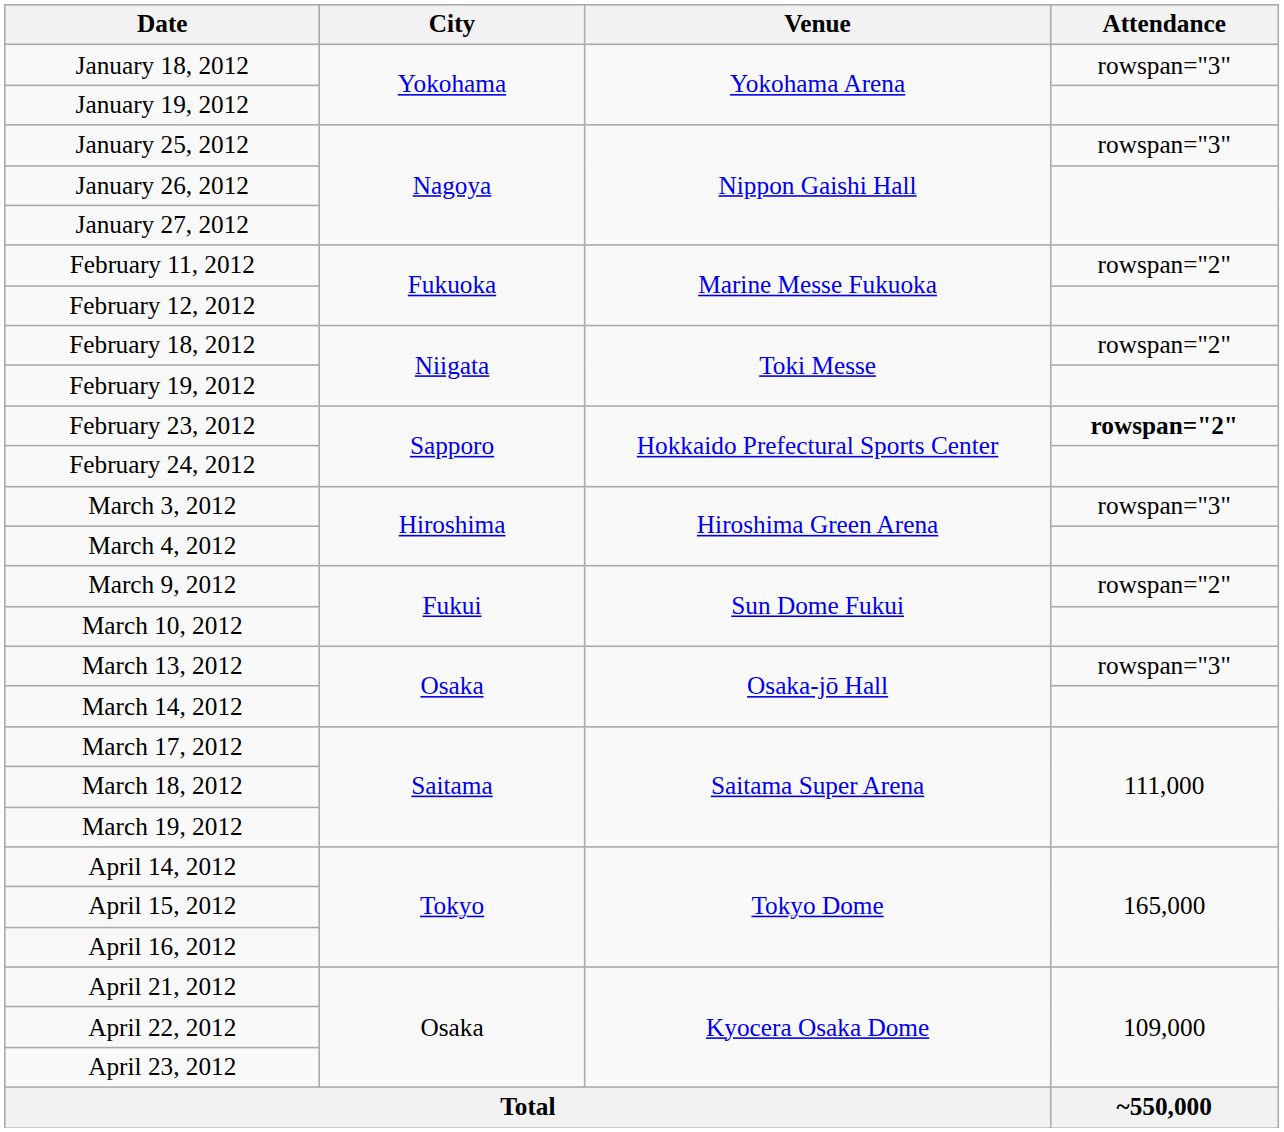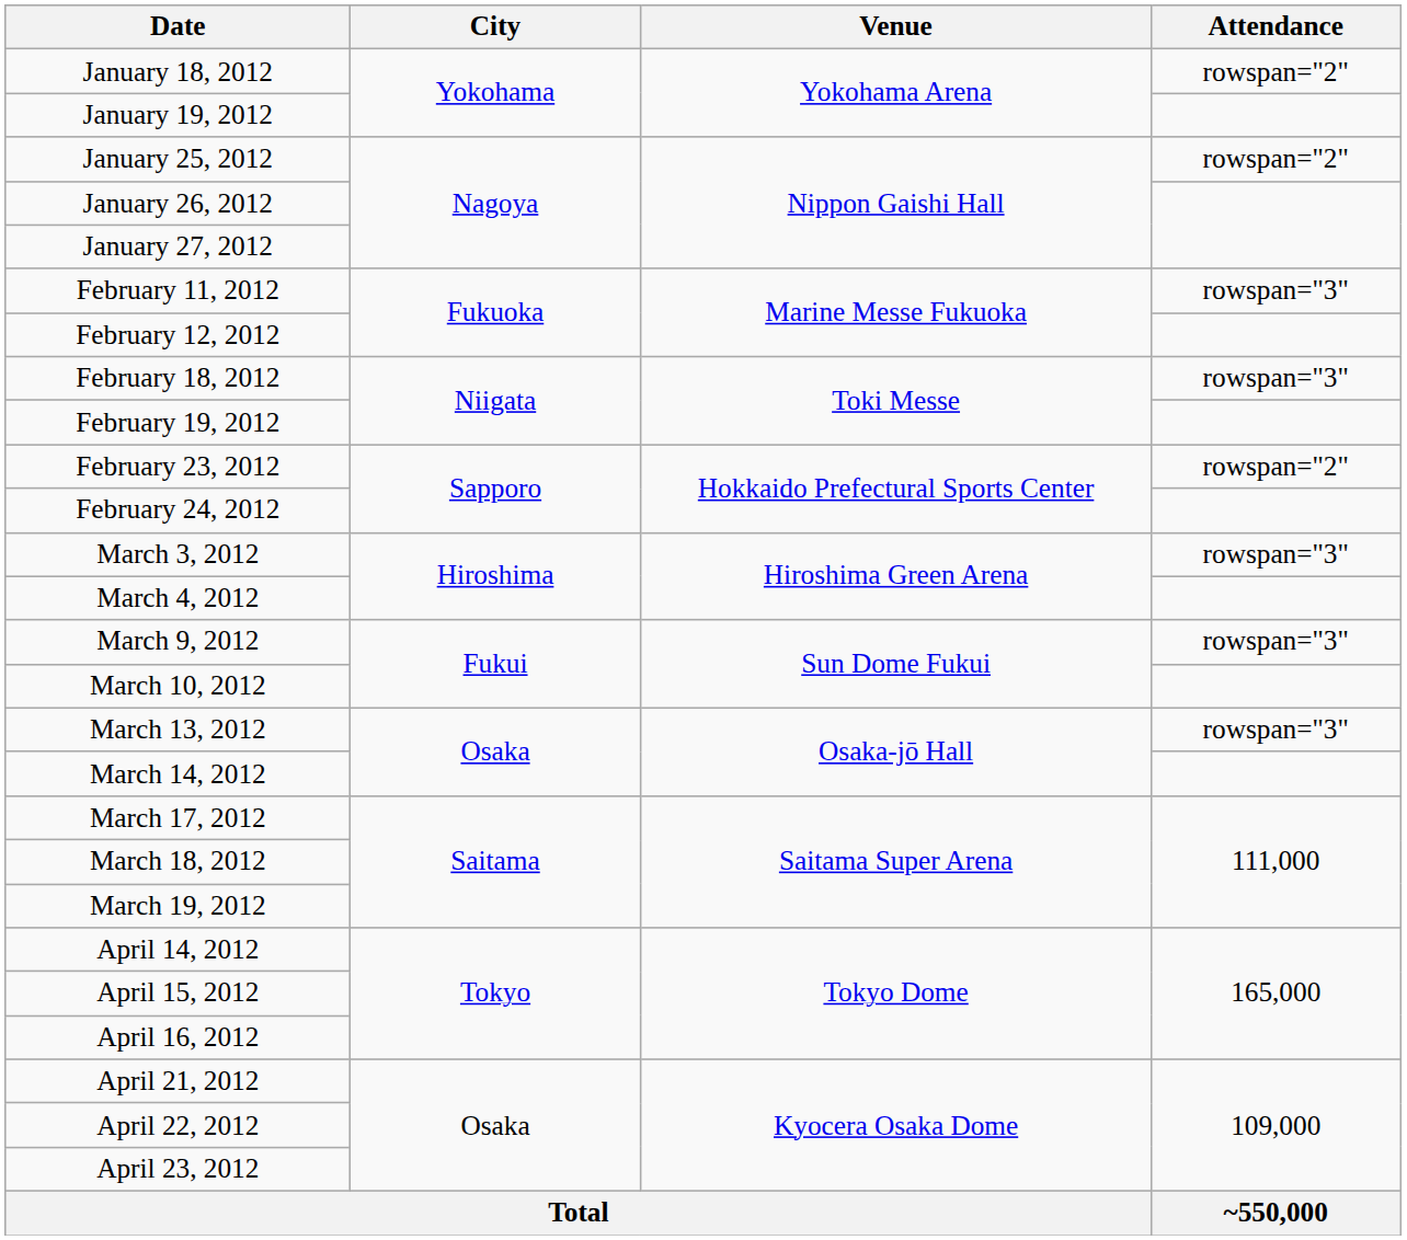 <table class="wikitable" style="text-align:center;">
 <tr>
 <th scope="col" style="width:12em;">Date</th>
 <th scope="col" style="width:10em;">City</th>
 <th scope="col" style="width:18em;">Venue</th>
 <th scope="col" style="width:8.5em;">Attendance</th>
 </tr>
 <tr>
 <td>January 18, 2012</td>
 <td rowspan="2"><a href='#'>Yokohama</a></td>
 <td rowspan="2"><a href='#'>Yokohama Arena</a></td>
-<td>rowspan="3" </td>
+<td>rowspan="2" </td>
 </tr>
 <tr>
 <td>January 19, 2012</td>
 </tr>
 <tr>
 <td>January 25, 2012</td>
 <td rowspan="3"><a href='#'>Nagoya</a></td>
 <td rowspan="3"><a href='#'>Nippon Gaishi Hall</a></td>
-<td>rowspan="3" </td>
+<td>rowspan="2" </td>
 </tr>
 <tr>
 <td>January 26, 2012</td>
 </tr>
 <tr>
 <td>January 27, 2012</td>
 </tr>
 <tr>
 <td>February 11, 2012</td>
 <td rowspan="2"><a href='#'>Fukuoka</a></td>
 <td rowspan="2"><a href='#'>Marine Messe Fukuoka</a></td>
-<td>rowspan="2" </td>
+<td>rowspan="3" </td>
 </tr>
 <tr>
 <td>February 12, 2012</td>
 </tr>
 <tr>
 <td>February 18, 2012</td>
 <td rowspan="2"><a href='#'>Niigata</a></td>
 <td rowspan="2"><a href='#'>Toki Messe</a></td>
-<td>rowspan="2" </td>
+<td>rowspan="3" </td>
 </tr>
 <tr>
 <td>February 19, 2012</td>
 </tr>
 <tr>
 <td>February 23, 2012</td>
 <td rowspan="2"><a href='#'>Sapporo</a></td>
 <td rowspan="2"><a href='#'>Hokkaido Prefectural Sports Center</a></td>
-<td><strong>rowspan="2" </strong></td>
+<td>rowspan="2" </td>
 </tr>
 <tr>
 <td>February 24, 2012</td>
 </tr>
 <tr>
 <td>March 3, 2012</td>
 <td rowspan="2"><a href='#'>Hiroshima</a></td>
 <td rowspan="2"><a href='#'>Hiroshima Green Arena</a></td>
 <td>rowspan="3" </td>
 </tr>
 <tr>
 <td>March 4, 2012</td>
 </tr>
 <tr>
 <td>March 9, 2012</td>
 <td rowspan="2"><a href='#'>Fukui</a></td>
 <td rowspan="2"><a href='#'>Sun Dome Fukui</a></td>
-<td>rowspan="2" </td>
+<td>rowspan="3" </td>
 </tr>
 <tr>
 <td>March 10, 2012</td>
 </tr>
 <tr>
 <td>March 13, 2012</td>
 <td rowspan="2"><a href='#'>Osaka</a></td>
 <td rowspan="2"><a href='#'>Osaka-jō Hall</a></td>
 <td>rowspan="3" </td>
 </tr>
 <tr>
 <td>March 14, 2012</td>
 </tr>
 <tr>
 <td>March 17, 2012</td>
 <td rowspan="3"><a href='#'>Saitama</a></td>
 <td rowspan="3"><a href='#'>Saitama Super Arena</a></td>
 <td rowspan="3">111,000</td>
 </tr>
 <tr>
 <td>March 18, 2012</td>
 </tr>
 <tr>
 <td>March 19, 2012</td>
 </tr>
 <tr>
 <td>April 14, 2012</td>
 <td rowspan="3"><a href='#'>Tokyo</a></td>
 <td rowspan="3"><a href='#'>Tokyo Dome</a></td>
 <td rowspan="3">165,000</td>
 </tr>
 <tr>
 <td>April 15, 2012</td>
 </tr>
 <tr>
 <td>April 16, 2012</td>
 </tr>
 <tr>
 <td>April 21, 2012</td>
 <td rowspan="3">Osaka</td>
 <td rowspan="3"><a href='#'>Kyocera Osaka Dome</a></td>
 <td rowspan="3">109,000</td>
 </tr>
 <tr>
 <td>April 22, 2012</td>
 </tr>
 <tr>
 <td>April 23, 2012</td>
 </tr>
 <tr>
 <th colspan="3">Total</th>
 <th>~550,000</th>
 </tr>
 </table>
